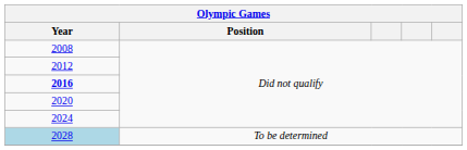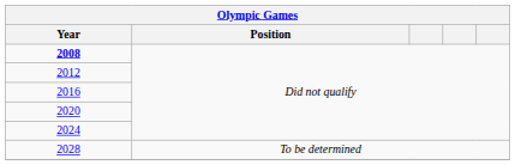 <table class="wikitable" width=70% style="text-align: center;font-size:90%;">
 <tr>
 <th colspan=5><a href='#'>Olympic Games</a></th>
 </tr>
 <tr>
 <th>Year</th>
 <th>Position</th>
 <th></th>
 <th></th>
 <th></th>
 </tr>
 <tr>
-<td> <a href='#'>2008</a></td>
+<td><strong> <a href='#'>2008</a></strong></td>
 <td colspan=4 rowspan=5><em>Did not qualify</em></td>
 </tr>
 <tr>
 <td> <a href='#'>2012</a></td>
 </tr>
 <tr>
-<td><strong> <a href='#'>2016</a></strong></td>
+<td> <a href='#'>2016</a></td>
 </tr>
 <tr>
 <td> <a href='#'>2020</a></td>
 </tr>
 <tr>
 <td> <a href='#'>2024</a></td>
 </tr>
 <tr>
-<td style="background: lightblue;"> <a href='#'>2028</a></td>
+<td> <a href='#'>2028</a></td>
 <td colspan=4><em>To be determined</em></td>
 </tr>
 <tr>
 </tr>
 </table>
